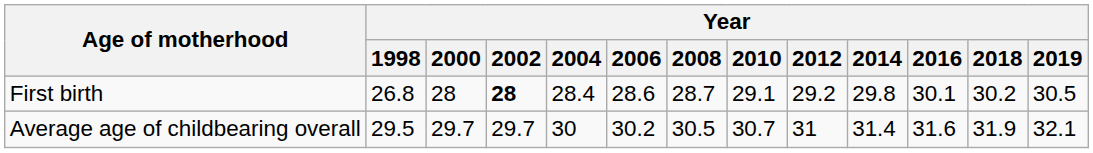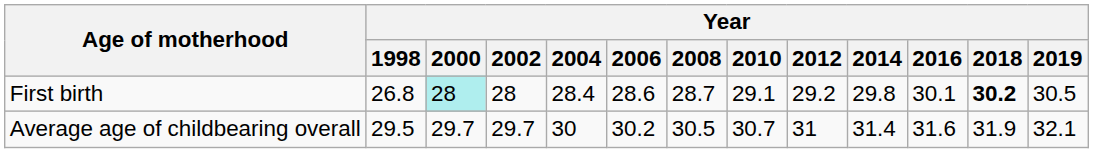 <table class="wikitable">
 <tr>
 <th rowspan="2">Age of motherhood</th>
 <th colspan="12">Year</th>
 </tr>
 <tr>
 <th>1998</th>
 <th>2000</th>
 <th>2002</th>
 <th>2004</th>
 <th>2006</th>
 <th>2008</th>
 <th>2010</th>
 <th>2012</th>
 <th>2014</th>
 <th>2016</th>
 <th>2018</th>
 <th>2019</th>
 </tr>
 <tr>
 <td>First birth</td>
 <td>26.8</td>
+<td style="background: paleturquoise;">28</td>
 <td>28</td>
-<td><strong>28</strong></td>
 <td>28.4</td>
 <td>28.6</td>
 <td>28.7</td>
 <td>29.1</td>
 <td>29.2</td>
 <td>29.8</td>
 <td>30.1</td>
-<td>30.2</td>
+<td><strong>30.2</strong></td>
 <td>30.5</td>
 </tr>
 <tr>
 <td>Average age of childbearing overall</td>
 <td>29.5</td>
 <td>29.7</td>
 <td>29.7</td>
 <td>30</td>
 <td>30.2</td>
 <td>30.5</td>
 <td>30.7</td>
 <td>31</td>
 <td>31.4</td>
 <td>31.6</td>
 <td>31.9</td>
 <td>32.1</td>
 </tr>
 </table>
